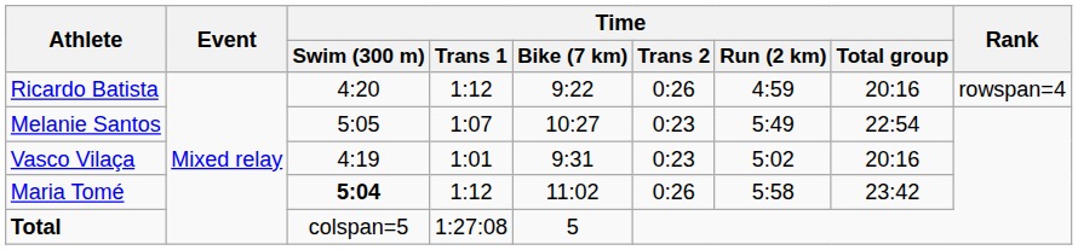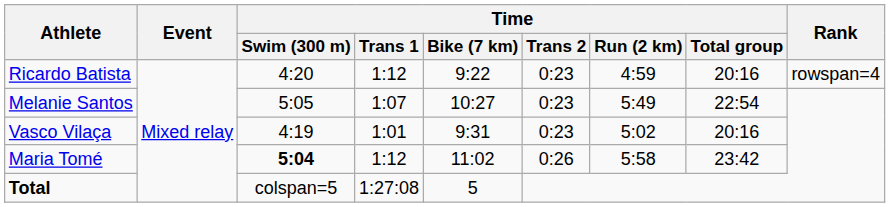 <table class="wikitable" style="font-size:90%;text-align:center;">
 <tr>
 <th rowspan=2>Athlete</th>
 <th rowspan=2>Event</th>
 <th colspan=6>Time</th>
 <th rowspan=2>Rank</th>
 </tr>
 <tr style="font-size:95%">
 <th>Swim (300 m)</th>
 <th>Trans 1</th>
 <th>Bike (7 km)</th>
 <th>Trans 2</th>
 <th>Run (2 km)</th>
 <th>Total group</th>
 </tr>
 <tr>
 <td align=left><a href='#'>Ricardo Batista</a></td>
 <td align=left rowspan=5><a href='#'>Mixed relay</a></td>
 <td>4:20</td>
 <td>1:12</td>
 <td>9:22</td>
-<td>0:26</td>
+<td>0:23</td>
 <td>4:59</td>
 <td>20:16</td>
 <td>rowspan=4 </td>
 </tr>
 <tr>
 <td align=left><a href='#'>Melanie Santos</a></td>
 <td>5:05</td>
 <td>1:07</td>
 <td>10:27</td>
 <td>0:23</td>
 <td>5:49</td>
 <td>22:54</td>
 </tr>
 <tr>
 <td align=left><a href='#'>Vasco Vilaça</a></td>
 <td>4:19</td>
 <td>1:01</td>
 <td>9:31</td>
 <td>0:23</td>
 <td>5:02</td>
 <td>20:16</td>
 </tr>
 <tr>
 <td align=left><a href='#'>Maria Tomé</a></td>
 <td><strong>5:04</strong></td>
 <td>1:12</td>
 <td>11:02</td>
 <td>0:26</td>
 <td>5:58</td>
 <td>23:42</td>
 </tr>
 <tr align=center>
 <td align=left><strong>Total</strong></td>
 <td>colspan=5 </td>
 <td>1:27:08</td>
 <td>5</td>
 </tr>
 </table>
